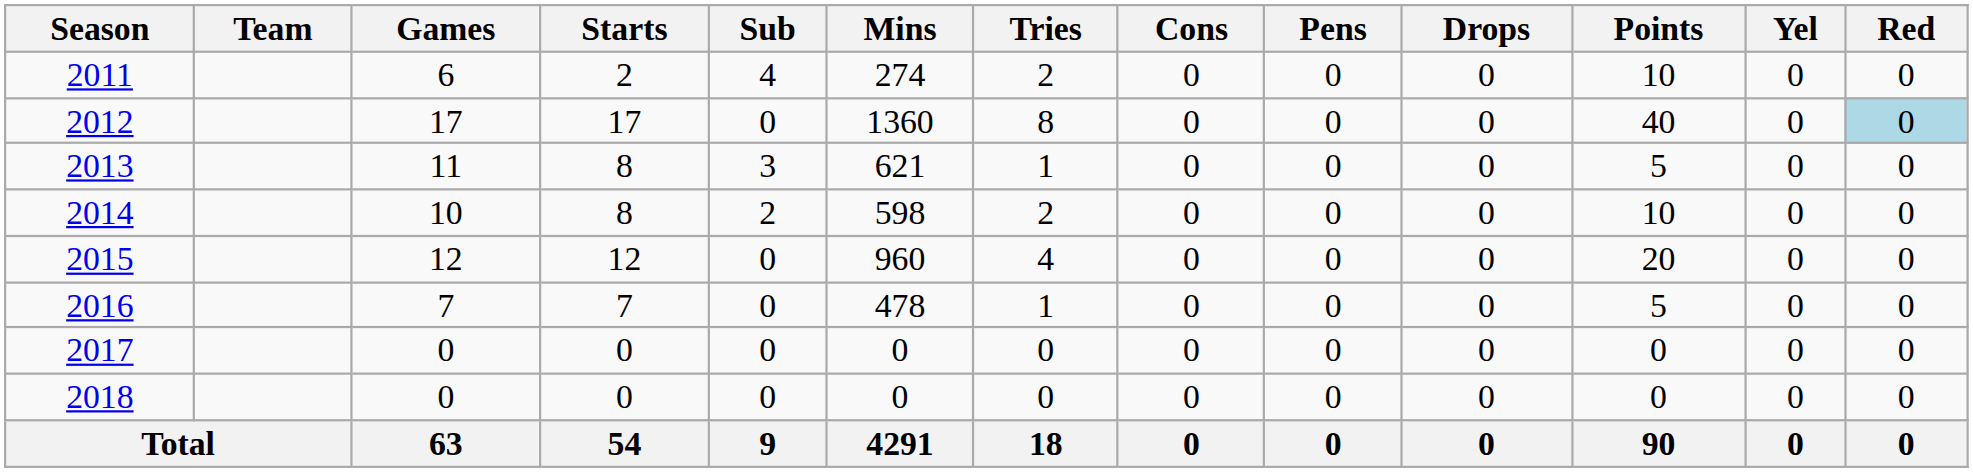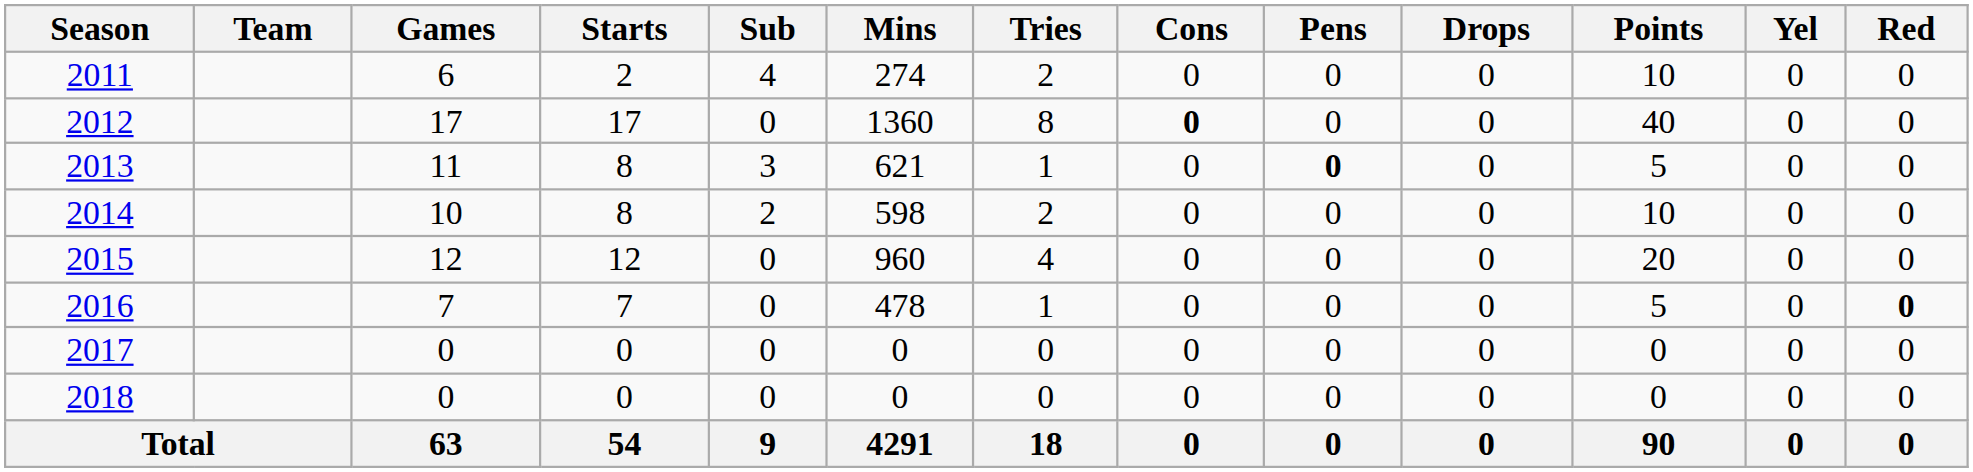 <table class="wikitable" style="text-align:center; line-height:90%; font-size:95%; width:70%;">
 <tr>
 <th>Season</th>
 <th>Team</th>
 <th>Games</th>
 <th>Starts</th>
 <th>Sub</th>
 <th>Mins</th>
 <th>Tries</th>
 <th>Cons</th>
 <th>Pens</th>
 <th>Drops</th>
 <th>Points</th>
 <th>Yel</th>
 <th>Red</th>
 </tr>
 <tr>
 <td><a href='#'>2011</a></td>
 <td></td>
 <td>6</td>
 <td>2</td>
 <td>4</td>
 <td>274</td>
 <td>2</td>
 <td>0</td>
 <td>0</td>
 <td>0</td>
 <td>10</td>
 <td>0</td>
 <td>0</td>
 </tr>
 <tr>
 <td><a href='#'>2012</a></td>
 <td></td>
 <td>17</td>
 <td>17</td>
 <td>0</td>
 <td>1360</td>
 <td>8</td>
-<td>0</td>
+<td><strong>0</strong></td>
 <td>0</td>
 <td>0</td>
 <td>40</td>
 <td>0</td>
-<td style="background: lightblue;">0</td>
+<td>0</td>
 </tr>
 <tr>
 <td><a href='#'>2013</a></td>
 <td></td>
 <td>11</td>
 <td>8</td>
 <td>3</td>
 <td>621</td>
 <td>1</td>
 <td>0</td>
-<td>0</td>
+<td><strong>0</strong></td>
 <td>0</td>
 <td>5</td>
 <td>0</td>
 <td>0</td>
 </tr>
 <tr>
 <td><a href='#'>2014</a></td>
 <td></td>
 <td>10</td>
 <td>8</td>
 <td>2</td>
 <td>598</td>
 <td>2</td>
 <td>0</td>
 <td>0</td>
 <td>0</td>
 <td>10</td>
 <td>0</td>
 <td>0</td>
 </tr>
 <tr>
 <td><a href='#'>2015</a></td>
 <td></td>
 <td>12</td>
 <td>12</td>
 <td>0</td>
 <td>960</td>
 <td>4</td>
 <td>0</td>
 <td>0</td>
 <td>0</td>
 <td>20</td>
 <td>0</td>
 <td>0</td>
 </tr>
 <tr>
 <td><a href='#'>2016</a></td>
 <td></td>
 <td>7</td>
 <td>7</td>
 <td>0</td>
 <td>478</td>
 <td>1</td>
 <td>0</td>
 <td>0</td>
 <td>0</td>
 <td>5</td>
 <td>0</td>
-<td>0</td>
+<td><strong>0</strong></td>
 </tr>
 <tr>
 <td><a href='#'>2017</a></td>
 <td></td>
 <td>0</td>
 <td>0</td>
 <td>0</td>
 <td>0</td>
 <td>0</td>
 <td>0</td>
 <td>0</td>
 <td>0</td>
 <td>0</td>
 <td>0</td>
 <td>0</td>
 </tr>
 <tr>
 <td><a href='#'>2018</a></td>
 <td></td>
 <td>0</td>
 <td>0</td>
 <td>0</td>
 <td>0</td>
 <td>0</td>
 <td>0</td>
 <td>0</td>
 <td>0</td>
 <td>0</td>
 <td>0</td>
 <td>0</td>
 </tr>
 <tr>
 <th colspan="2">Total</th>
 <th>63</th>
 <th>54</th>
 <th>9</th>
 <th>4291</th>
 <th>18</th>
 <th>0</th>
 <th>0</th>
 <th>0</th>
 <th>90</th>
 <th>0</th>
 <th>0</th>
 </tr>
 </table>
